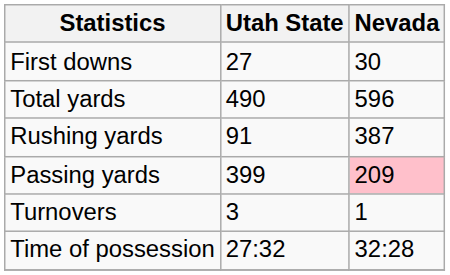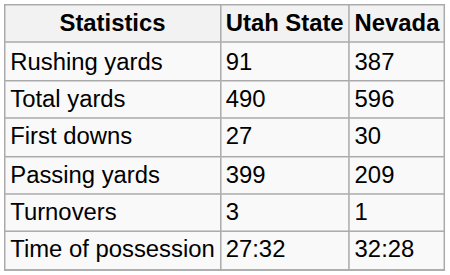 <table class="wikitable">
 <tr>
 <th>Statistics</th>
 <th>Utah State</th>
 <th>Nevada</th>
 </tr>
 <tr>
-<td>First downs</td>
-<td>27</td>
-<td>30</td>
+<td>Rushing yards</td>
+<td>91</td>
+<td>387</td>
 </tr>
 <tr>
 <td>Total yards</td>
 <td>490</td>
 <td>596</td>
 </tr>
 <tr>
-<td>Rushing yards</td>
-<td>91</td>
-<td>387</td>
+<td>First downs</td>
+<td>27</td>
+<td>30</td>
 </tr>
 <tr>
 <td>Passing yards</td>
 <td>399</td>
-<td style="background: pink;">209</td>
+<td>209</td>
 </tr>
 <tr>
 <td>Turnovers</td>
 <td>3</td>
 <td>1</td>
 </tr>
 <tr>
 <td>Time of possession</td>
 <td>27:32</td>
 <td>32:28</td>
 </tr>
 <tr>
 </tr>
 </table>
